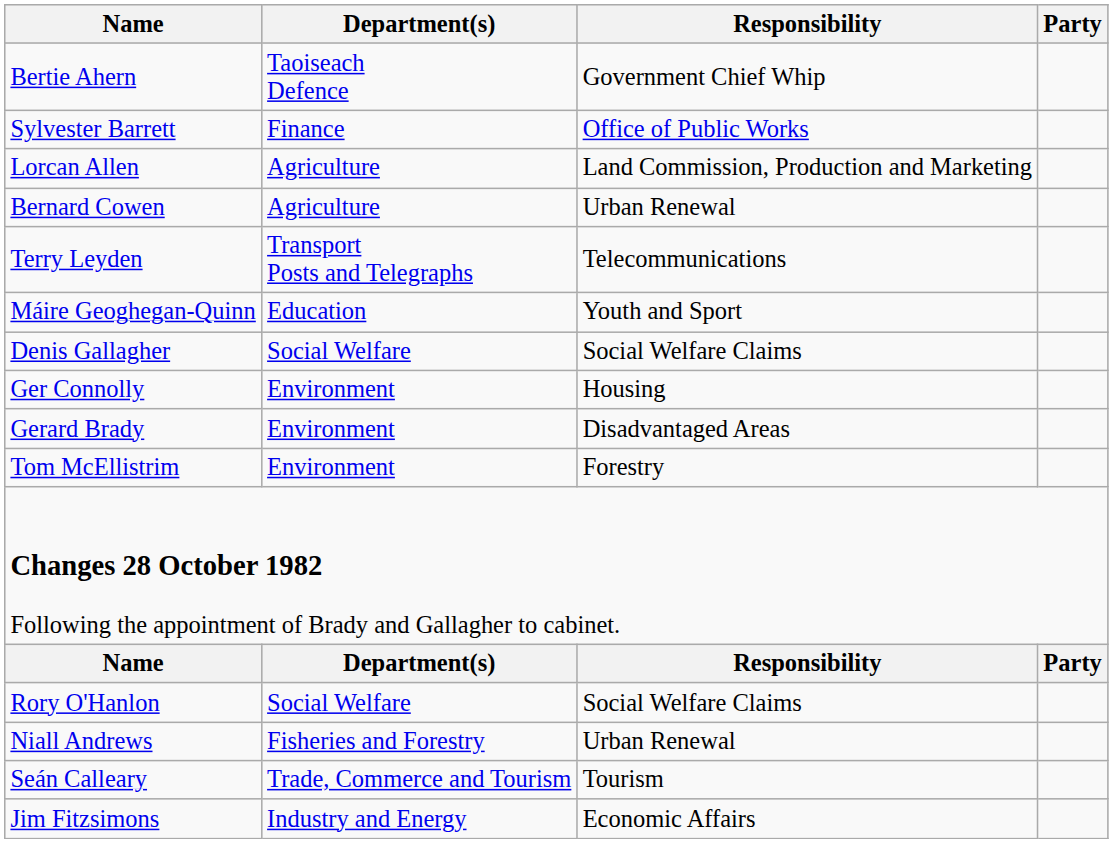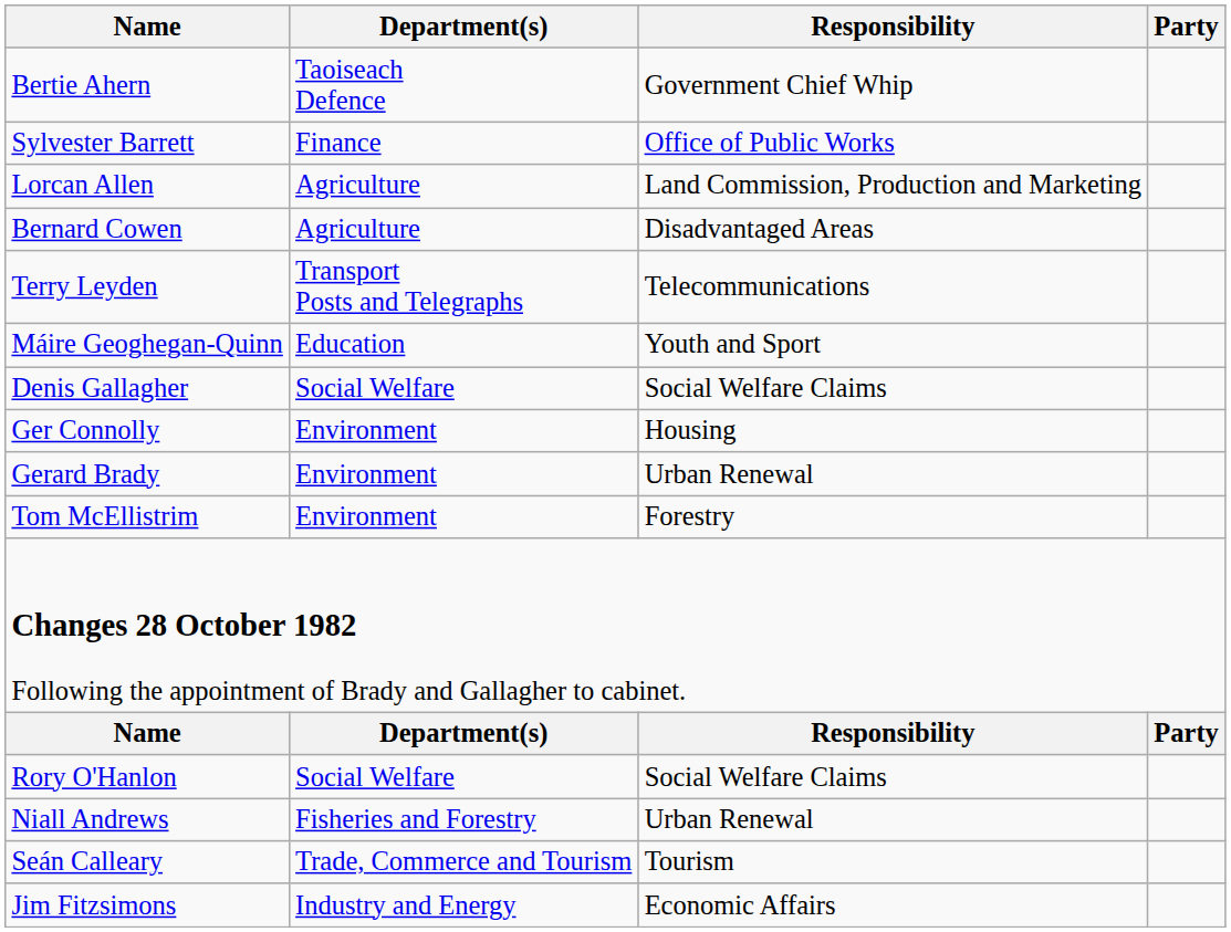 <table class="wikitable">
 <tr>
 <th>Name</th>
 <th>Department(s)</th>
 <th>Responsibility</th>
 <th colspan=2>Party</th>
 </tr>
 <tr>
 <td><a href='#'>Bertie Ahern</a></td>
 <td><a href='#'>Taoiseach</a><br><a href='#'>Defence</a></td>
 <td>Government Chief Whip</td>
 <td></td>
 </tr>
 <tr>
 <td><a href='#'>Sylvester Barrett</a></td>
 <td><a href='#'>Finance</a></td>
 <td><a href='#'>Office of Public Works</a></td>
 <td></td>
 </tr>
 <tr>
 <td><a href='#'>Lorcan Allen</a></td>
 <td><a href='#'>Agriculture</a></td>
 <td>Land Commission, Production and Marketing</td>
 <td></td>
 </tr>
 <tr>
 <td><a href='#'>Bernard Cowen</a></td>
 <td><a href='#'>Agriculture</a></td>
-<td>Urban Renewal</td>
+<td>Disadvantaged Areas</td>
 <td></td>
 </tr>
 <tr>
 <td><a href='#'>Terry Leyden</a></td>
 <td><a href='#'>Transport</a><br><a href='#'>Posts and Telegraphs</a></td>
 <td>Telecommunications</td>
 <td></td>
 </tr>
 <tr>
 <td><a href='#'>Máire Geoghegan-Quinn</a></td>
 <td><a href='#'>Education</a></td>
 <td>Youth and Sport</td>
 <td></td>
 </tr>
 <tr>
 <td><a href='#'>Denis Gallagher</a></td>
 <td><a href='#'>Social Welfare</a></td>
 <td>Social Welfare Claims</td>
 <td></td>
 </tr>
 <tr>
 <td><a href='#'>Ger Connolly</a></td>
 <td><a href='#'>Environment</a></td>
 <td>Housing</td>
 <td></td>
 </tr>
 <tr>
 <td><a href='#'>Gerard Brady</a></td>
 <td><a href='#'>Environment</a></td>
-<td>Disadvantaged Areas</td>
+<td>Urban Renewal</td>
 <td></td>
 </tr>
 <tr>
 <td><a href='#'>Tom McEllistrim</a></td>
 <td><a href='#'>Environment</a></td>
 <td>Forestry</td>
 <td></td>
 </tr>
 <tr>
 <td colspan="5"><br><h3>Changes 28 October 1982</h3>Following the appointment of Brady and Gallagher to cabinet.</td>
 </tr>
 <tr>
 <th>Name</th>
 <th>Department(s)</th>
 <th>Responsibility</th>
 <th colspan=2>Party</th>
 </tr>
 <tr>
 <td><a href='#'>Rory O'Hanlon</a></td>
 <td><a href='#'>Social Welfare</a></td>
 <td>Social Welfare Claims</td>
 <td></td>
 </tr>
 <tr>
 <td><a href='#'>Niall Andrews</a></td>
 <td><a href='#'>Fisheries and Forestry</a></td>
 <td>Urban Renewal</td>
 <td></td>
 </tr>
 <tr>
 <td><a href='#'>Seán Calleary</a></td>
 <td><a href='#'>Trade, Commerce and Tourism</a></td>
 <td>Tourism</td>
 <td></td>
 </tr>
 <tr>
 <td><a href='#'>Jim Fitzsimons</a></td>
 <td><a href='#'>Industry and Energy</a></td>
 <td>Economic Affairs</td>
 <td></td>
 </tr>
 </table>
